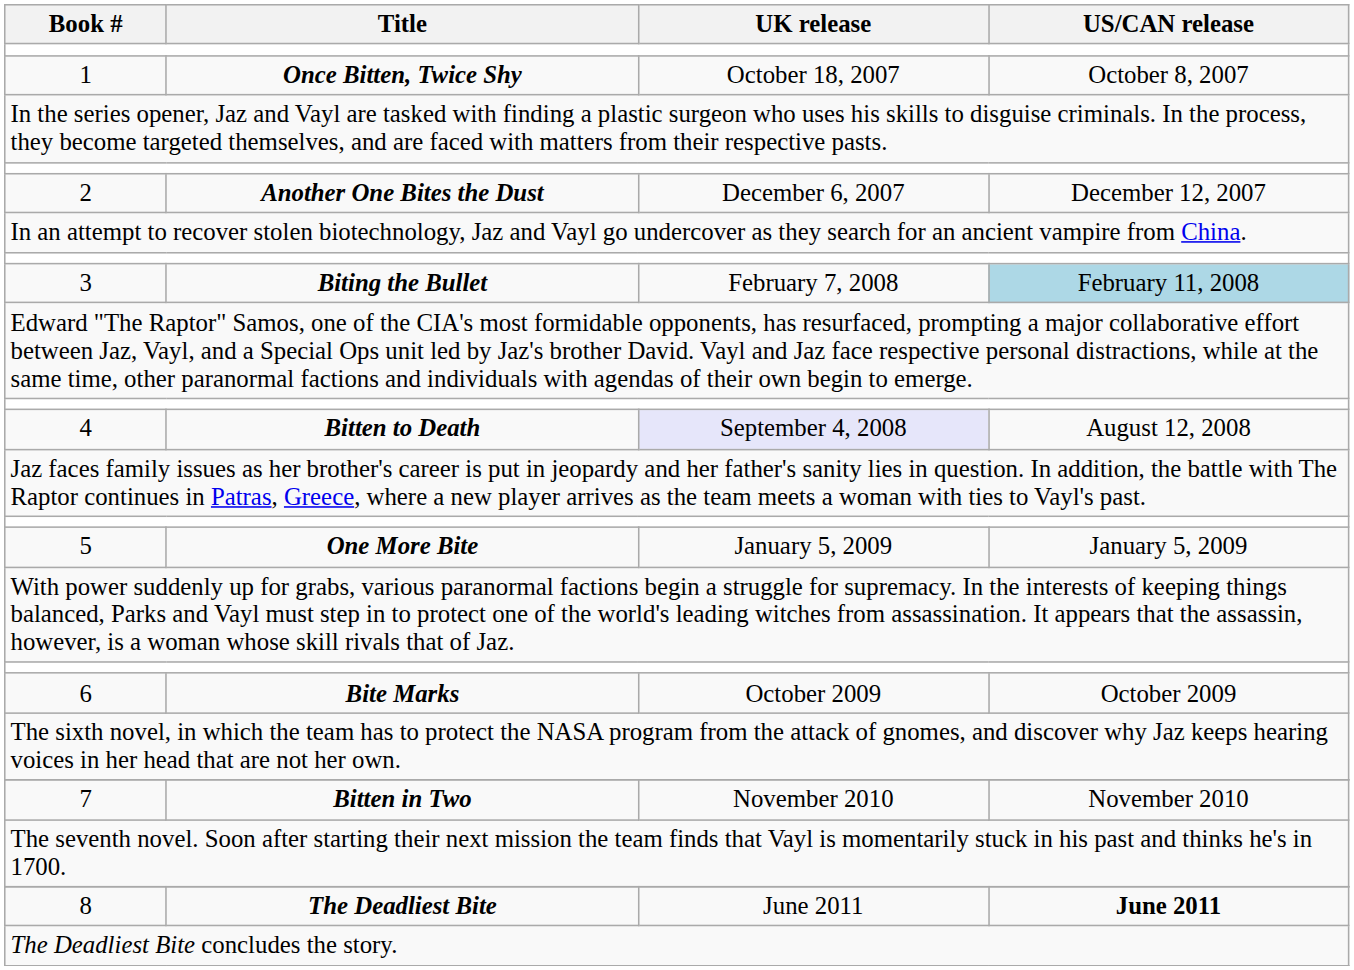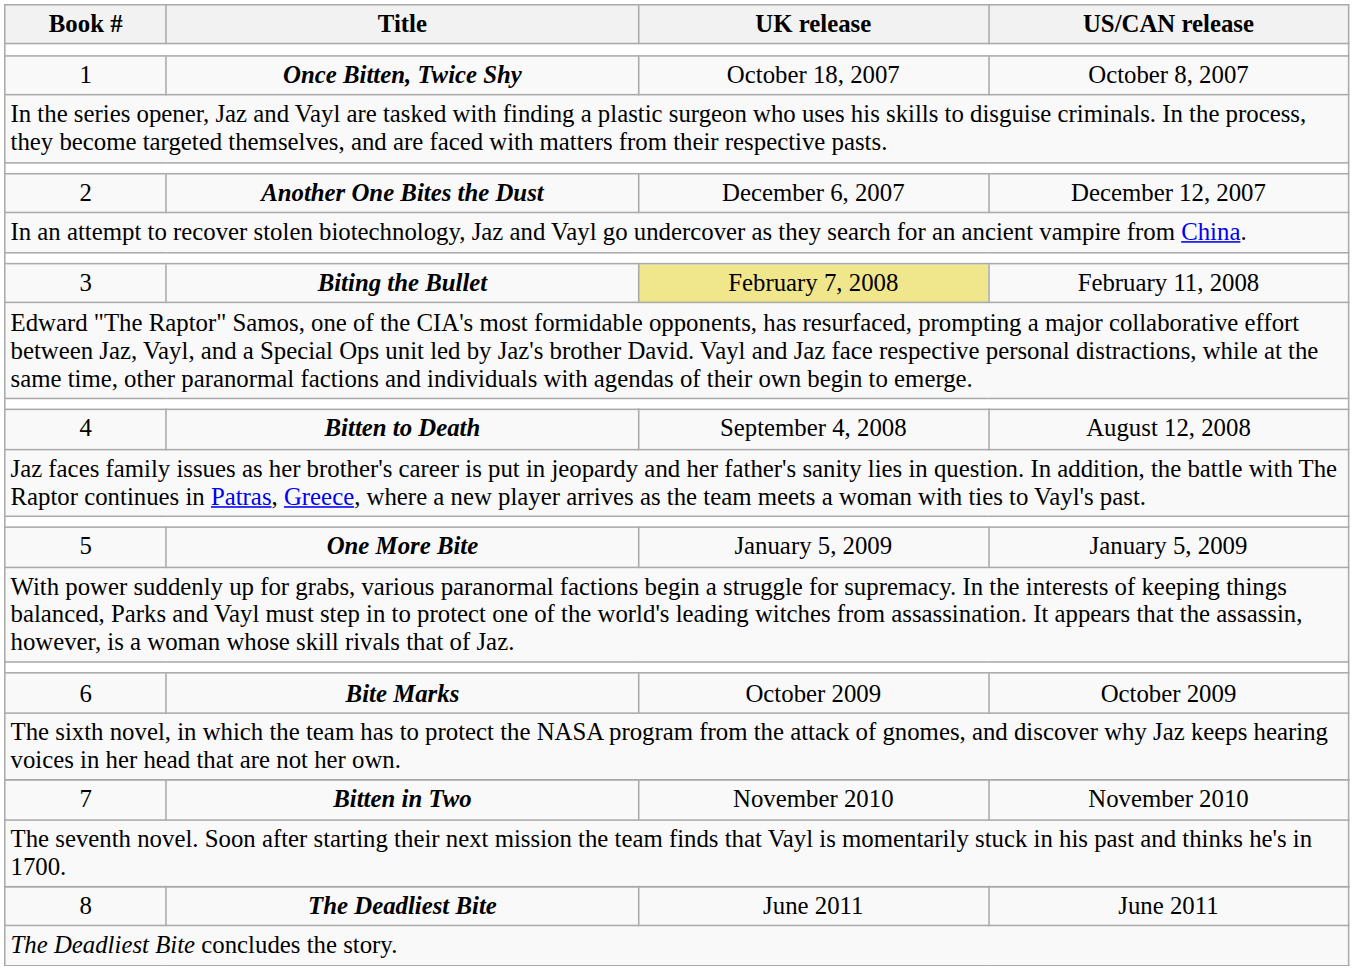 <table class="wikitable">
 <tr>
 <th>Book #</th>
 <th>Title</th>
 <th>UK release</th>
 <th>US/CAN release</th>
 </tr>
 <tr>
 <td colspan="6" bgcolor="#FFFFFF"></td>
 </tr>
 <tr>
 <td align="center">1</td>
 <td align="center"><strong><em>Once Bitten, Twice Shy</em></strong></td>
 <td align="center">October 18, 2007</td>
 <td align="center">October 8, 2007</td>
 </tr>
 <tr>
 <td colspan="6">In the series opener, Jaz and Vayl are tasked with finding a plastic surgeon who uses his skills to disguise criminals. In the process, they become targeted themselves, and are faced with matters from their respective pasts.</td>
 </tr>
 <tr>
 <td colspan="6" bgcolor="#FFFFFF"></td>
 </tr>
 <tr>
 <td align="center">2</td>
 <td align="center"><strong><em>Another One Bites the Dust</em></strong></td>
 <td align="center">December 6, 2007</td>
 <td align="center">December 12, 2007</td>
 </tr>
 <tr>
 <td colspan="6">In an attempt to recover stolen biotechnology, Jaz and Vayl go undercover as they search for an ancient vampire from <a href='#'>China</a>.</td>
 </tr>
 <tr>
 <td colspan="6" bgcolor="#FFFFFF"></td>
 </tr>
 <tr>
 <td align="center">3</td>
 <td align="center"><strong><em>Biting the Bullet</em></strong></td>
-<td align="center">February 7, 2008</td>
-<td align="center" style="background: lightblue;">February 11, 2008</td>
+<td align="center" style="background: khaki;">February 7, 2008</td>
+<td align="center">February 11, 2008</td>
 </tr>
 <tr>
 <td colspan="6">Edward "The Raptor" Samos, one of the CIA's most formidable opponents, has resurfaced, prompting a major collaborative effort between Jaz, Vayl, and a Special Ops unit led by Jaz's brother David. Vayl and Jaz face respective personal distractions, while at the same time, other paranormal factions and individuals with agendas of their own begin to emerge.</td>
 </tr>
 <tr>
 <td colspan="6" bgcolor="#FFFFFF"></td>
 </tr>
 <tr>
 <td align="center">4</td>
 <td align="center"><strong><em>Bitten to Death</em></strong></td>
-<td align="center" style="background: lavender;">September 4, 2008</td>
+<td align="center">September 4, 2008</td>
 <td align="center">August 12, 2008</td>
 </tr>
 <tr>
 <td colspan="6">Jaz faces family issues as her brother's career is put in jeopardy and her father's sanity lies in question. In addition, the battle with The Raptor continues in <a href='#'>Patras</a>, <a href='#'>Greece</a>, where a new player arrives as the team meets a woman with ties to Vayl's past.</td>
 </tr>
 <tr>
 <td colspan="6" bgcolor="#FFFFFF"></td>
 </tr>
 <tr>
 <td align="center">5</td>
 <td align="center"><strong><em>One More Bite</em></strong></td>
 <td align="center">January 5, 2009</td>
 <td align="center">January 5, 2009</td>
 </tr>
 <tr>
 <td colspan="6">With power suddenly up for grabs, various paranormal factions begin a struggle for supremacy. In the interests of keeping things balanced, Parks and Vayl must step in to protect one of the world's leading witches from assassination. It appears that the assassin, however, is a woman whose skill rivals that of Jaz.</td>
 </tr>
 <tr>
 <td colspan="6" bgcolor="#FFFFFF"></td>
 </tr>
 <tr>
 <td align="center">6</td>
 <td align="center"><strong><em>Bite Marks</em></strong></td>
 <td align="center">October 2009</td>
 <td align="center">October 2009</td>
 </tr>
 <tr>
 <td colspan="6">The sixth novel, in which the team has to protect the NASA program from the attack of gnomes, and discover why Jaz keeps hearing voices in her head that are not her own.</td>
 </tr>
 <tr>
 </tr>
 <tr colspan="6" bgcolor="#FFFFF"|>
 </tr>
 <tr>
 <td align="center">7</td>
 <td align="center"><strong><em>Bitten in Two</em></strong></td>
 <td align="center">November 2010</td>
 <td align="center">November 2010</td>
 </tr>
 <tr>
 <td colspan="6">The seventh novel. Soon after starting their next mission the team finds that Vayl is momentarily stuck in his past and thinks he's in 1700.</td>
 </tr>
 <tr>
 </tr>
 <tr colspan="6" bgcolor="#FFFFF"|>
 </tr>
 <tr>
 <td align="center">8</td>
 <td align="center"><strong><em>The Deadliest Bite</em></strong></td>
 <td align="center">June 2011</td>
-<td align="center"><strong>June 2011</strong></td>
+<td align="center">June 2011</td>
 </tr>
 <tr>
 <td colspan="6"><em>The Deadliest Bite</em> concludes the story.</td>
 </tr>
 <tr>
 </tr>
 </table>
